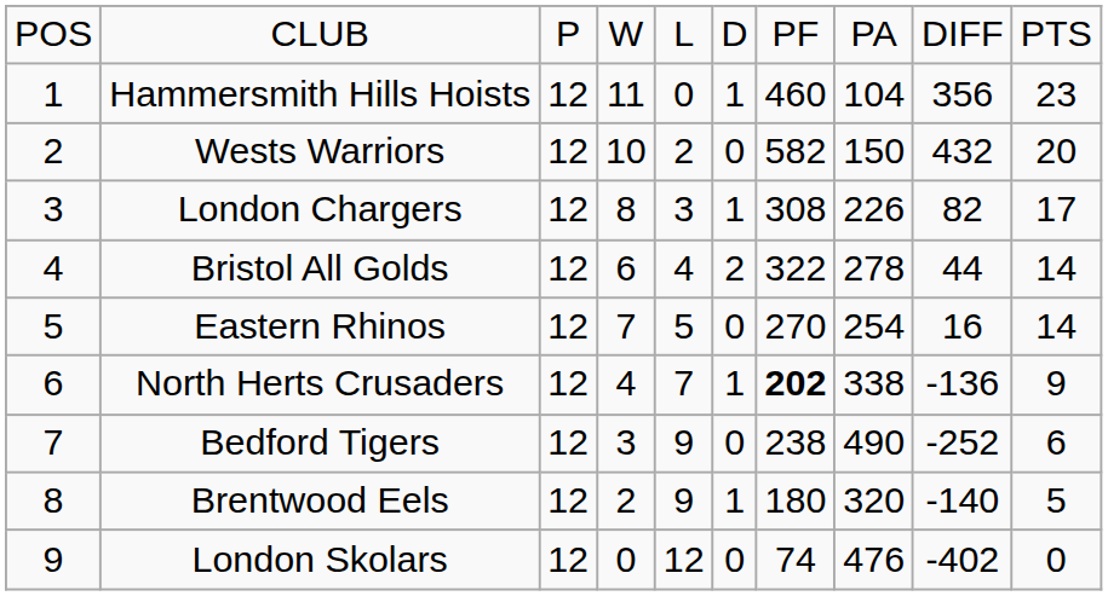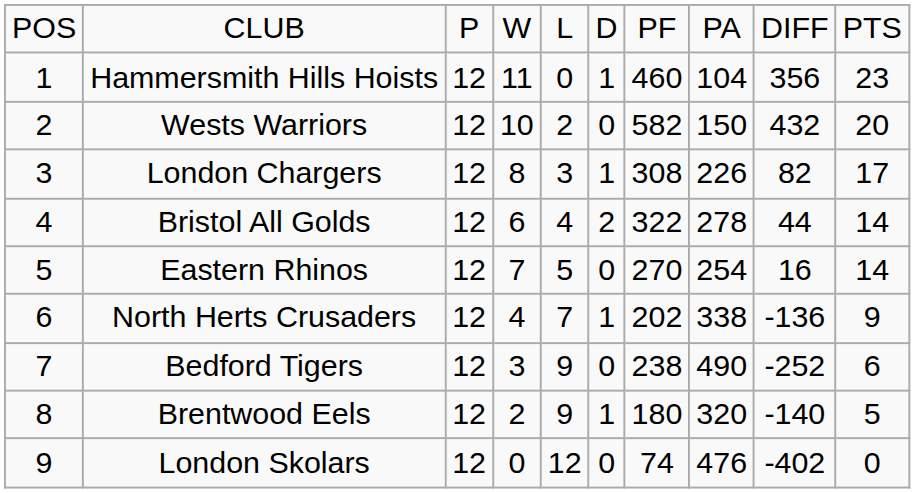 <table class="wikitable" style="text-align: center;">
 <tr>
 <td>POS</td>
 <td>CLUB</td>
 <td>P</td>
 <td>W</td>
 <td>L</td>
 <td>D</td>
 <td>PF</td>
 <td>PA</td>
 <td>DIFF</td>
 <td>PTS</td>
 </tr>
 <tr>
 <td>1</td>
 <td>Hammersmith Hills Hoists</td>
 <td>12</td>
 <td>11</td>
 <td>0</td>
 <td>1</td>
 <td>460</td>
 <td>104</td>
 <td>356</td>
 <td>23</td>
 </tr>
 <tr>
 <td>2</td>
 <td>Wests Warriors</td>
 <td>12</td>
 <td>10</td>
 <td>2</td>
 <td>0</td>
 <td>582</td>
 <td>150</td>
 <td>432</td>
 <td>20</td>
 </tr>
 <tr>
 <td>3</td>
 <td>London Chargers</td>
 <td>12</td>
 <td>8</td>
 <td>3</td>
 <td>1</td>
 <td>308</td>
 <td>226</td>
 <td>82</td>
 <td>17</td>
 </tr>
 <tr>
 <td>4</td>
 <td>Bristol All Golds</td>
 <td>12</td>
 <td>6</td>
 <td>4</td>
 <td>2</td>
 <td>322</td>
 <td>278</td>
 <td>44</td>
 <td>14</td>
 </tr>
 <tr>
 <td>5</td>
 <td>Eastern Rhinos</td>
 <td>12</td>
 <td>7</td>
 <td>5</td>
 <td>0</td>
 <td>270</td>
 <td>254</td>
 <td>16</td>
 <td>14</td>
 </tr>
 <tr>
 <td>6</td>
 <td>North Herts Crusaders</td>
 <td>12</td>
 <td>4</td>
 <td>7</td>
 <td>1</td>
-<td><strong>202</strong></td>
+<td>202</td>
 <td>338</td>
 <td>-136</td>
 <td>9</td>
 </tr>
 <tr>
 <td>7</td>
 <td>Bedford Tigers</td>
 <td>12</td>
 <td>3</td>
 <td>9</td>
 <td>0</td>
 <td>238</td>
 <td>490</td>
 <td>-252</td>
 <td>6</td>
 </tr>
 <tr>
 <td>8</td>
 <td>Brentwood Eels</td>
 <td>12</td>
 <td>2</td>
 <td>9</td>
 <td>1</td>
 <td>180</td>
 <td>320</td>
 <td>-140</td>
 <td>5</td>
 </tr>
 <tr>
 <td>9</td>
 <td>London Skolars</td>
 <td>12</td>
 <td>0</td>
 <td>12</td>
 <td>0</td>
 <td>74</td>
 <td>476</td>
 <td>-402</td>
 <td>0</td>
 </tr>
 </table>
